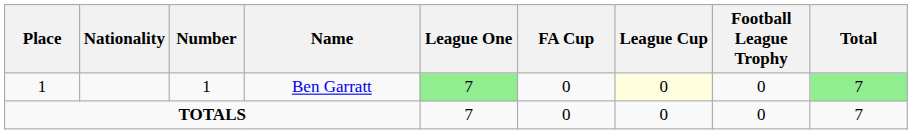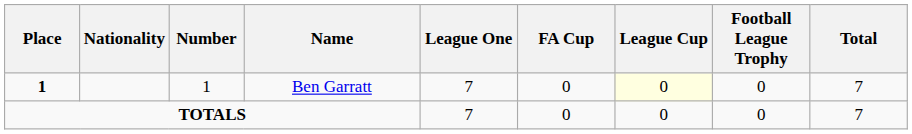 <table class="wikitable" style="font-size: 95%; text-align: center;">
 <tr>
 <th width=60>Place</th>
 <th width=60>Nationality</th>
 <th width=60>Number</th>
 <th width=150>Name</th>
 <th width=80>League One</th>
 <th width=80>FA Cup</th>
 <th width=80>League Cup</th>
 <th width=80>Football League Trophy</th>
 <th width=80>Total</th>
 </tr>
 <tr>
-<td>1</td>
+<td><strong>1</strong></td>
 <td></td>
 <td>1</td>
 <td><a href='#'>Ben Garratt</a></td>
-<td style="background: lightgreen;">7</td>
+<td>7</td>
 <td>0</td>
 <td style="background: lightyellow;">0</td>
 <td>0</td>
-<td style="background: lightgreen;">7</td>
+<td>7</td>
 </tr>
 <tr>
 <td colspan="4"><strong>TOTALS</strong></td>
 <td>7</td>
 <td>0</td>
 <td>0</td>
 <td>0</td>
 <td>7</td>
 </tr>
 </table>
